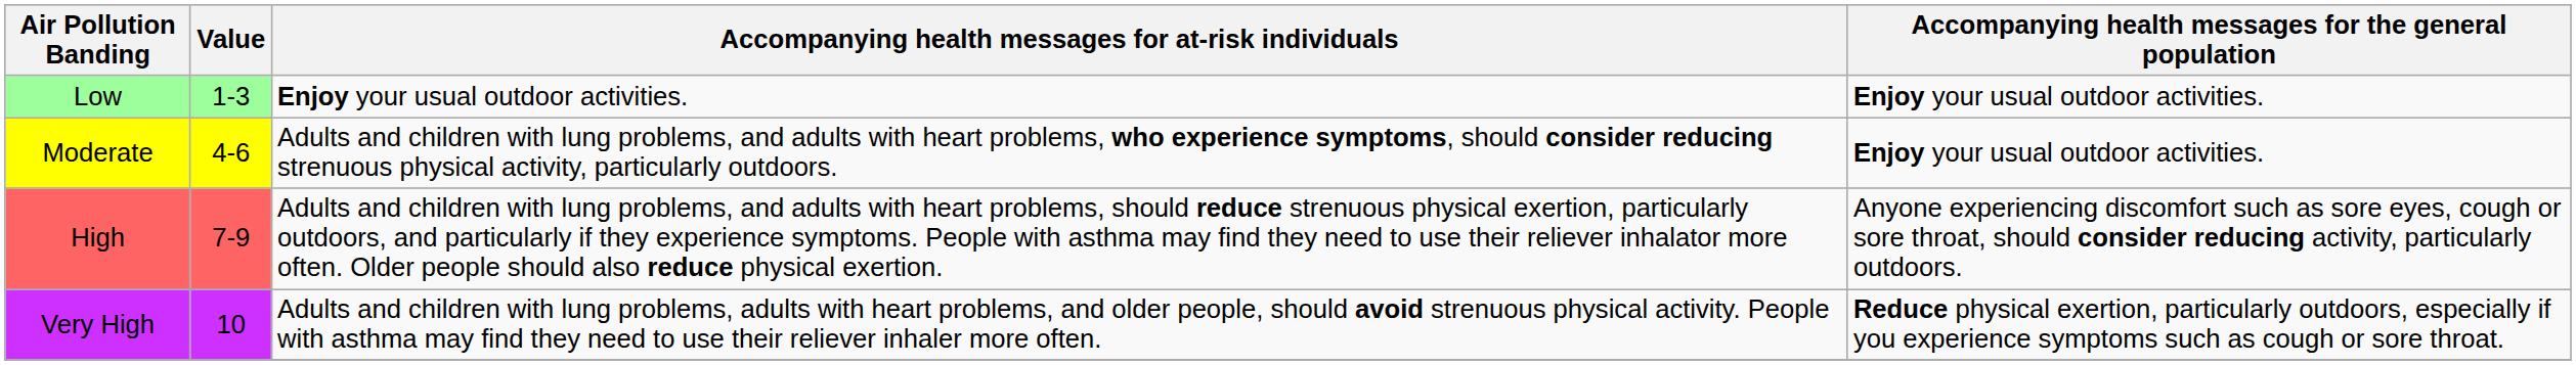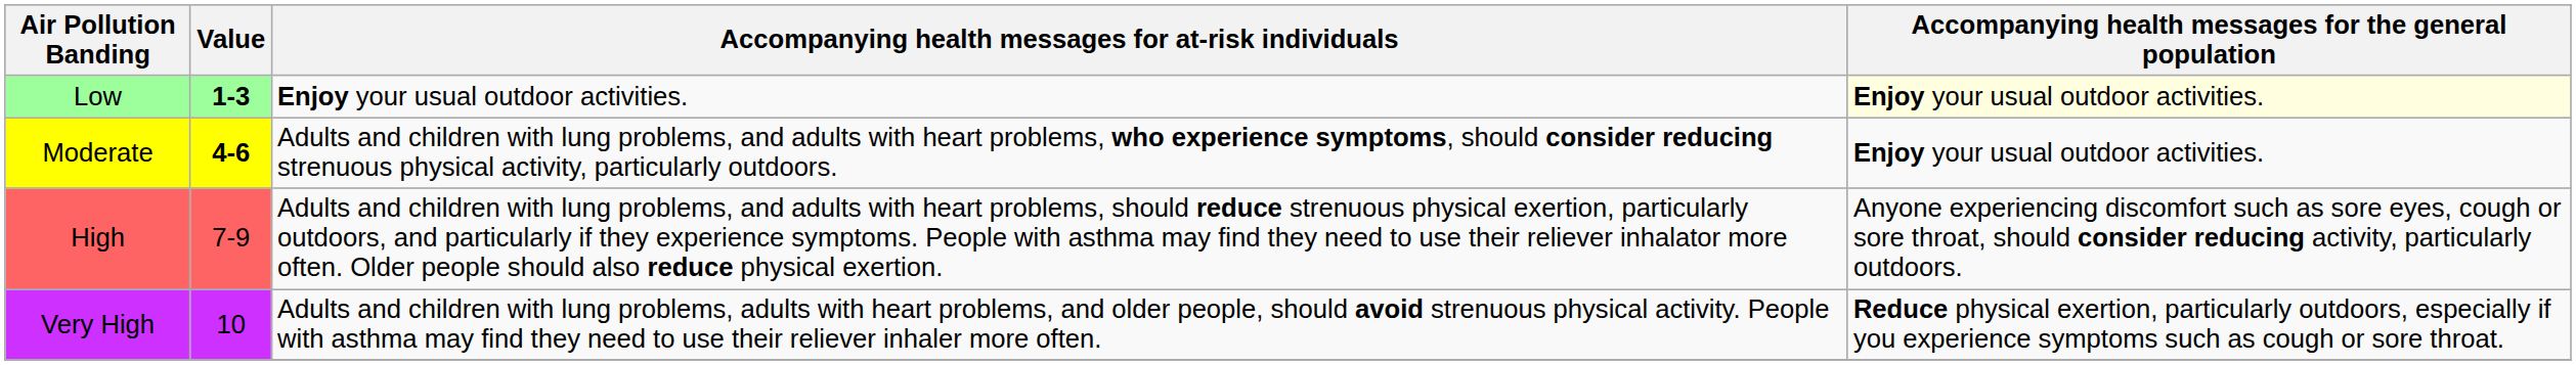 <table class="wikitable">
 <tr>
 <th>Air Pollution Banding</th>
 <th>Value</th>
 <th>Accompanying health messages for at-risk individuals</th>
 <th>Accompanying health messages for the general population</th>
 </tr>
 <tr>
 <td style="text-align:center; background:#9cff9c;color:#000">Low</td>
-<td style="text-align:center; background:#9cff9c;color:#000">1-3</td>
+<td style="text-align:center; background:#9cff9c;color:#000"><strong>1-3</strong></td>
 <td><strong>Enjoy</strong> your usual outdoor activities.</td>
-<td><strong>Enjoy</strong> your usual outdoor activities.</td>
+<td style="background: lightyellow;"><strong>Enjoy</strong> your usual outdoor activities.</td>
 </tr>
 <tr>
 <td style="text-align:center; background:#ffff00;color:#000">Moderate</td>
-<td style="text-align:center; background:#ffff00;color:#000;">4-6</td>
+<td style="text-align:center; background:#ffff00;color:#000;"><strong>4-6</strong></td>
 <td>Adults and children with lung problems, and adults with heart problems, <strong>who experience symptoms</strong>, should <strong>consider reducing</strong> strenuous  physical activity, particularly outdoors.</td>
 <td><strong>Enjoy</strong> your usual outdoor activities.</td>
 </tr>
 <tr>
 <td style="text-align:center; background:#ff6464;color:#000">High</td>
 <td style="text-align:center; background:#ff6464;color:#000;">7-9</td>
 <td>Adults and children with lung problems, and adults with heart problems, should <strong>reduce</strong> strenuous physical exertion, particularly outdoors, and particularly if they experience symptoms. People with asthma may find they need to use their reliever inhalator more often. Older people should also <strong>reduce</strong> physical exertion.</td>
 <td>Anyone experiencing discomfort such as sore eyes, cough or sore throat, should <strong>consider reducing</strong> activity, particularly outdoors.</td>
 </tr>
 <tr>
 <td style="text-align:center; background:#ce30ff;color:#000">Very High</td>
 <td style="text-align:center; background:#ce30ff;color:#000;">10</td>
 <td>Adults and children with lung problems, adults with heart problems, and older people, should <strong>avoid</strong> strenuous physical activity. People with asthma may find they need to use their reliever inhaler more often.</td>
 <td><strong>Reduce</strong> physical exertion, particularly outdoors, especially if you experience symptoms such as cough or sore throat.</td>
 </tr>
 <tr>
 </tr>
 </table>
